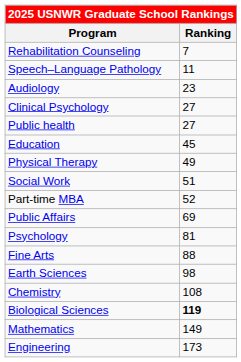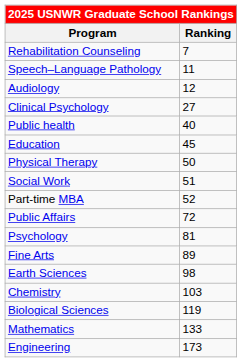 <table class="wikitable sortable collapsible collapsed" style="float:right" "text-align:center">
 <tr>
 <th colspan=4 style="background:#FF0000; color:#FFFFFF; ">2025 USNWR Graduate School Rankings</th>
 </tr>
 <tr>
 <th>Program</th>
 <th>Ranking</th>
 </tr>
 <tr>
 <td><a href='#'>Rehabilitation Counseling</a></td>
 <td>7</td>
 </tr>
 <tr>
 <td><a href='#'>Speech–Language Pathology</a></td>
 <td>11</td>
 </tr>
 <tr>
 <td><a href='#'>Audiology</a></td>
-<td>23</td>
+<td>12</td>
 </tr>
 <tr>
 <td><a href='#'>Clinical Psychology</a></td>
 <td>27</td>
 </tr>
 <tr>
 <td><a href='#'>Public health</a></td>
-<td>27</td>
+<td>40</td>
 </tr>
 <tr>
 <td><a href='#'>Education</a></td>
 <td>45</td>
 </tr>
 <tr>
 <td><a href='#'>Physical Therapy</a></td>
-<td>49</td>
+<td>50</td>
 </tr>
 <tr>
 <td><a href='#'>Social Work</a></td>
 <td>51</td>
 </tr>
 <tr>
 <td>Part-time <a href='#'>MBA</a></td>
 <td>52</td>
 </tr>
 <tr>
 <td><a href='#'>Public Affairs</a></td>
-<td>69</td>
+<td>72</td>
 </tr>
 <tr>
 <td><a href='#'>Psychology</a></td>
 <td>81</td>
 </tr>
 <tr>
 <td><a href='#'>Fine Arts</a></td>
-<td>88</td>
+<td>89</td>
 </tr>
 <tr>
 <td><a href='#'>Earth Sciences</a></td>
 <td>98</td>
 </tr>
 <tr>
 <td><a href='#'>Chemistry</a></td>
-<td>108</td>
+<td>103</td>
 </tr>
 <tr>
 <td><a href='#'>Biological Sciences</a></td>
-<td><strong>119</strong></td>
+<td>119</td>
 </tr>
 <tr>
 <td><a href='#'>Mathematics</a></td>
-<td>149</td>
+<td>133</td>
 </tr>
 <tr>
 <td><a href='#'>Engineering</a></td>
 <td>173</td>
 </tr>
 </table>
